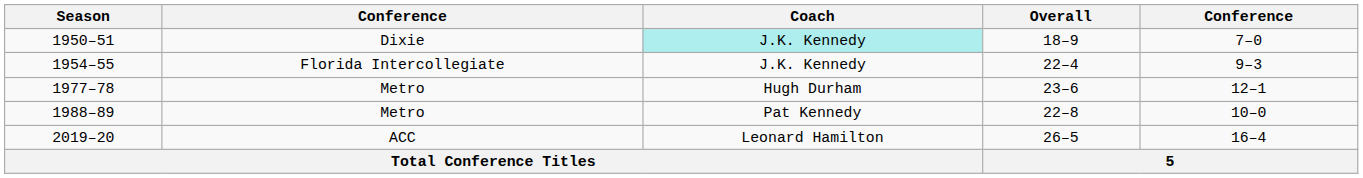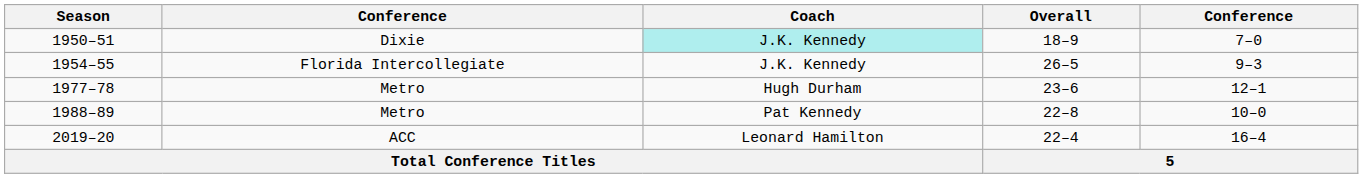 <table cellpadding="1" style="width:75%;" class="wikitable" style="text-align:center">
 <tr>
 <th>Season</th>
 <th>Conference</th>
 <th>Coach</th>
 <th>Overall</th>
 <th>Conference</th>
 </tr>
 <tr style="text-align:center;">
 <td>1950–51</td>
 <td>Dixie</td>
 <td style="background: paleturquoise;">J.K. Kennedy</td>
 <td>18–9</td>
 <td>7–0</td>
 </tr>
 <tr style="text-align:center;">
 <td>1954–55</td>
 <td>Florida Intercollegiate</td>
 <td>J.K. Kennedy</td>
-<td>22–4</td>
+<td>26–5</td>
 <td>9–3</td>
 </tr>
 <tr style="text-align:center;">
 <td>1977–78</td>
 <td>Metro</td>
 <td>Hugh Durham</td>
 <td>23–6</td>
 <td>12–1</td>
 </tr>
 <tr style="text-align:center;">
 <td>1988–89</td>
 <td>Metro</td>
 <td>Pat Kennedy</td>
 <td>22–8</td>
 <td>10–0</td>
 </tr>
 <tr style="text-align:center;">
 <td>2019–20</td>
 <td>ACC</td>
 <td>Leonard Hamilton</td>
-<td>26–5</td>
+<td>22–4</td>
 <td>16–4</td>
 </tr>
 <tr style="text-align:center;" class="sortbottom">
 <th colspan=3;>Total Conference Titles</th>
 <th colspan=2;><strong>5</strong></th>
 </tr>
 </table>
